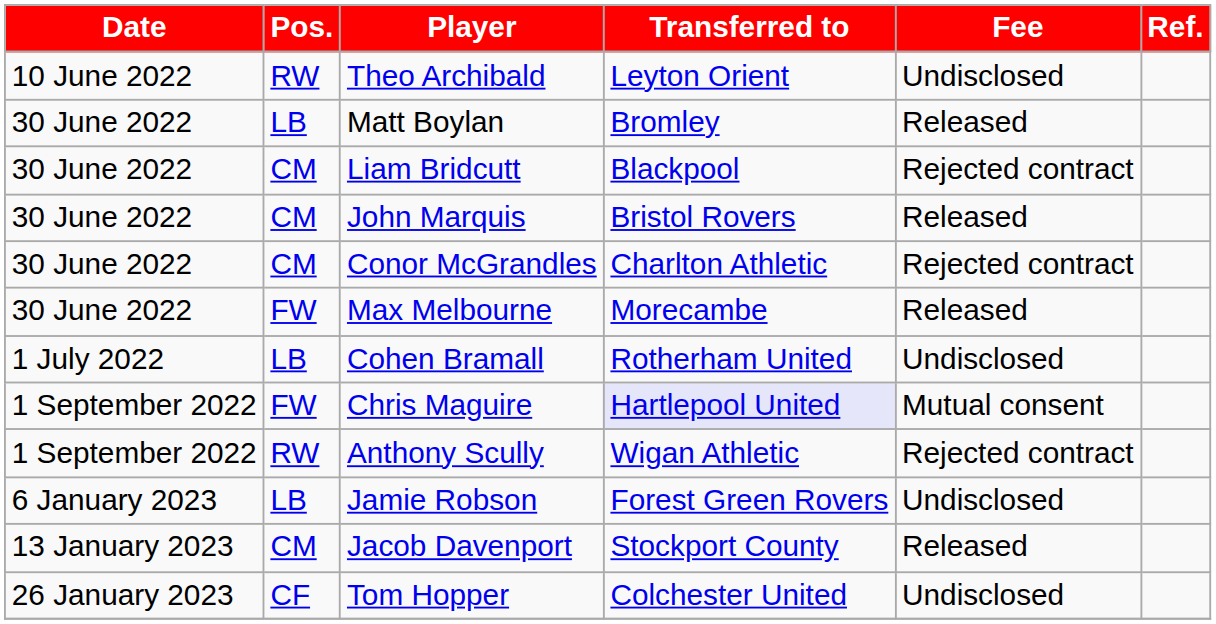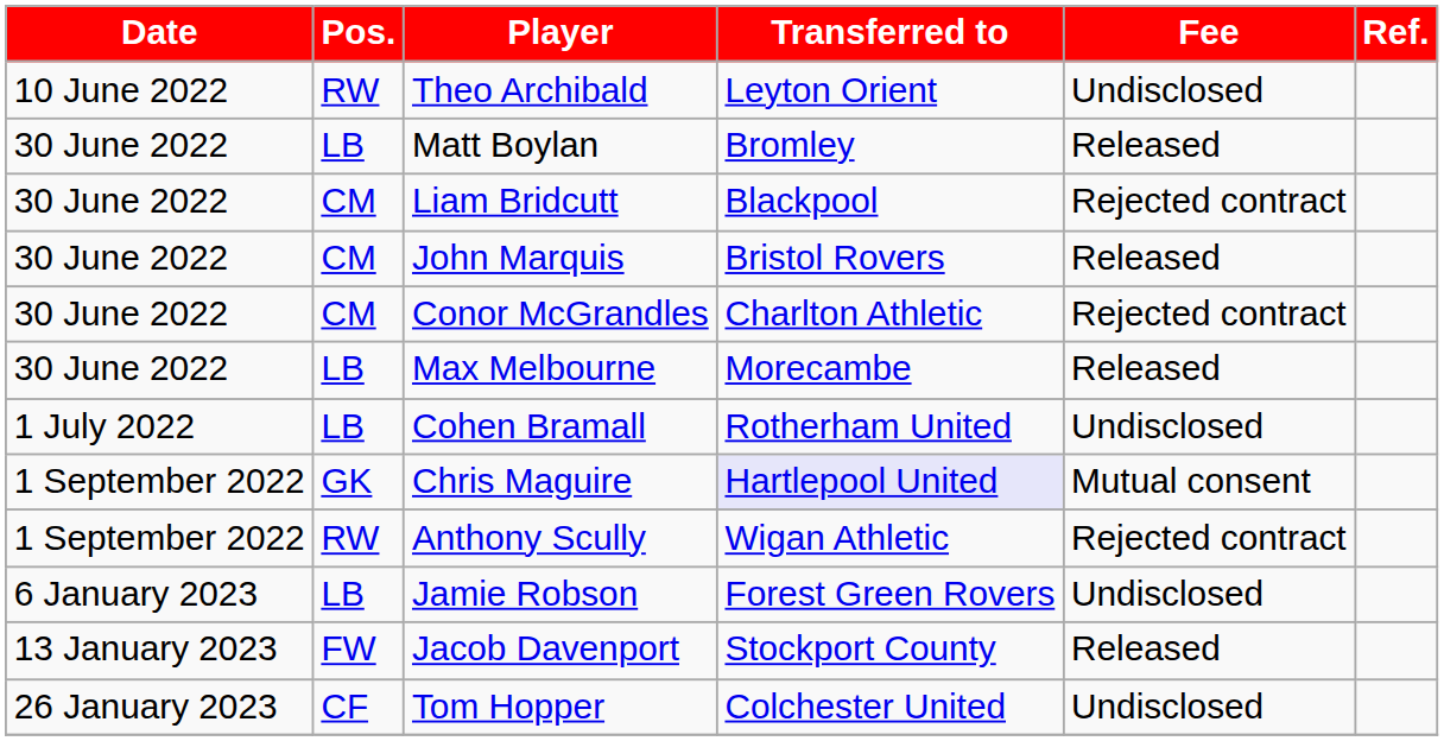 <table class="wikitable plainrowheaders sortable">
 <tr>
 <th style="background:#FF0000; color:#ffffff; ">Date</th>
 <th style="background:#FF0000; color:#ffffff; ">Pos.</th>
 <th style="background:#FF0000; color:#ffffff; ">Player</th>
 <th style="background:#FF0000; color:#ffffff; ">Transferred to</th>
 <th style="background:#FF0000; color:#ffffff; ">Fee</th>
 <th style="background:#FF0000; color:#ffffff; ">Ref.</th>
 </tr>
 <tr>
 <td>10 June 2022</td>
 <td><a href='#'>RW</a></td>
 <td> <a href='#'>Theo Archibald</a></td>
 <td> <a href='#'>Leyton Orient</a></td>
 <td>Undisclosed</td>
 <td></td>
 </tr>
 <tr>
 <td>30 June 2022</td>
 <td><a href='#'>LB</a></td>
 <td> Matt Boylan</td>
 <td> <a href='#'>Bromley</a></td>
 <td>Released</td>
 <td></td>
 </tr>
 <tr>
 <td>30 June 2022</td>
 <td><a href='#'>CM</a></td>
 <td> <a href='#'>Liam Bridcutt</a></td>
 <td> <a href='#'>Blackpool</a></td>
 <td>Rejected contract</td>
 <td></td>
 </tr>
 <tr>
 <td>30 June 2022</td>
 <td><a href='#'>CM</a></td>
 <td> <a href='#'>John Marquis</a></td>
 <td> <a href='#'>Bristol Rovers</a></td>
 <td>Released</td>
 <td></td>
 </tr>
 <tr>
 <td>30 June 2022</td>
 <td><a href='#'>CM</a></td>
 <td> <a href='#'>Conor McGrandles</a></td>
 <td> <a href='#'>Charlton Athletic</a></td>
 <td>Rejected contract</td>
 <td></td>
 </tr>
 <tr>
 <td>30 June 2022</td>
-<td><a href='#'>FW</a></td>
+<td><a href='#'>LB</a></td>
 <td> <a href='#'>Max Melbourne</a></td>
 <td> <a href='#'>Morecambe</a></td>
 <td>Released</td>
 <td></td>
 </tr>
 <tr>
 <td>1 July 2022</td>
 <td><a href='#'>LB</a></td>
 <td> <a href='#'>Cohen Bramall</a></td>
 <td> <a href='#'>Rotherham United</a></td>
 <td>Undisclosed</td>
 <td></td>
 </tr>
 <tr>
 <td>1 September 2022</td>
-<td><a href='#'>FW</a></td>
+<td><a href='#'>GK</a></td>
 <td> <a href='#'>Chris Maguire</a></td>
 <td style="background: lavender;"> <a href='#'>Hartlepool United</a></td>
 <td>Mutual consent</td>
 <td></td>
 </tr>
 <tr>
 <td>1 September 2022</td>
 <td><a href='#'>RW</a></td>
 <td> <a href='#'>Anthony Scully</a></td>
 <td> <a href='#'>Wigan Athletic</a></td>
 <td>Rejected contract</td>
 <td></td>
 </tr>
 <tr>
 <td>6 January 2023</td>
 <td><a href='#'>LB</a></td>
 <td> <a href='#'>Jamie Robson</a></td>
 <td> <a href='#'>Forest Green Rovers</a></td>
 <td>Undisclosed</td>
 <td></td>
 </tr>
 <tr>
 <td>13 January 2023</td>
-<td><a href='#'>CM</a></td>
+<td><a href='#'>FW</a></td>
 <td> <a href='#'>Jacob Davenport</a></td>
 <td> <a href='#'>Stockport County</a></td>
 <td>Released</td>
 <td></td>
 </tr>
 <tr>
 <td>26 January 2023</td>
 <td><a href='#'>CF</a></td>
 <td> <a href='#'>Tom Hopper</a></td>
 <td> <a href='#'>Colchester United</a></td>
 <td>Undisclosed</td>
 <td></td>
 </tr>
 <tr>
 </tr>
 </table>
